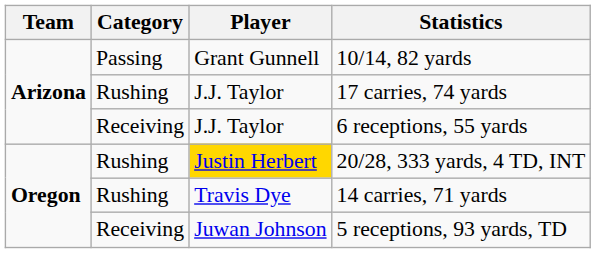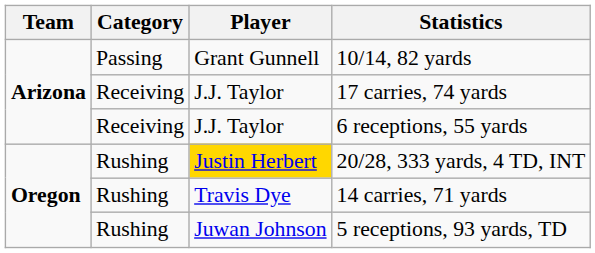 <table class="wikitable" style="float: right;">
 <tr>
 <th>Team</th>
 <th>Category</th>
 <th>Player</th>
 <th>Statistics</th>
 </tr>
 <tr>
 <td rowspan=3><strong>Arizona</strong></td>
 <td>Passing</td>
 <td>Grant Gunnell</td>
 <td>10/14, 82 yards</td>
 </tr>
 <tr>
-<td>Rushing</td>
+<td>Receiving</td>
 <td>J.J. Taylor</td>
 <td>17 carries, 74 yards</td>
 </tr>
 <tr>
 <td>Receiving</td>
 <td>J.J. Taylor</td>
 <td>6 receptions, 55 yards</td>
 </tr>
 <tr>
 <td rowspan=3><strong>Oregon</strong></td>
 <td>Rushing</td>
 <td style="background: gold;"><a href='#'>Justin Herbert</a></td>
 <td>20/28, 333 yards, 4 TD, INT</td>
 </tr>
 <tr>
 <td>Rushing</td>
 <td><a href='#'>Travis Dye</a></td>
 <td>14 carries, 71 yards</td>
 </tr>
 <tr>
-<td>Receiving</td>
+<td>Rushing</td>
 <td><a href='#'>Juwan Johnson</a></td>
 <td>5 receptions, 93 yards, TD</td>
 </tr>
 </table>
